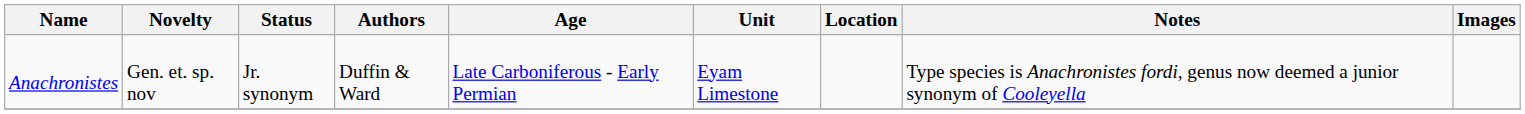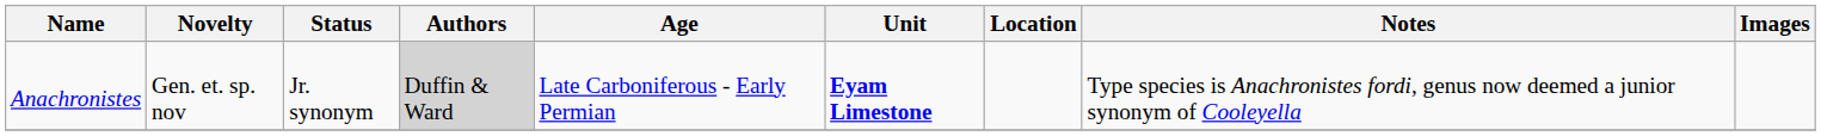 <table class="wikitable sortable" align="center" width="100%">
 <tr>
 <th>Name</th>
 <th>Novelty</th>
 <th>Status</th>
 <th>Authors</th>
 <th>Age</th>
 <th>Unit</th>
 <th>Location</th>
 <th>Notes</th>
 <th>Images</th>
 </tr>
 <tr>
 <td><br><em><a href='#'>Anachronistes</a></em></td>
 <td><br>Gen. et. sp. nov</td>
 <td><br>Jr. synonym</td>
-<td><br>Duffin & Ward</td>
+<td style="background: lightgrey;"><br>Duffin & Ward</td>
 <td><br><a href='#'>Late Carboniferous</a> - <a href='#'>Early Permian</a></td>
-<td><br><a href='#'>Eyam Limestone</a></td>
+<td><strong><br><a href='#'>Eyam Limestone</a></strong></td>
 <td><br></td>
 <td><br>Type species is <em>Anachronistes fordi</em>, genus now deemed a junior synonym of <em><a href='#'>Cooleyella</a></em></td>
 <td></td>
 </tr>
 <tr>
 </tr>
 </table>
